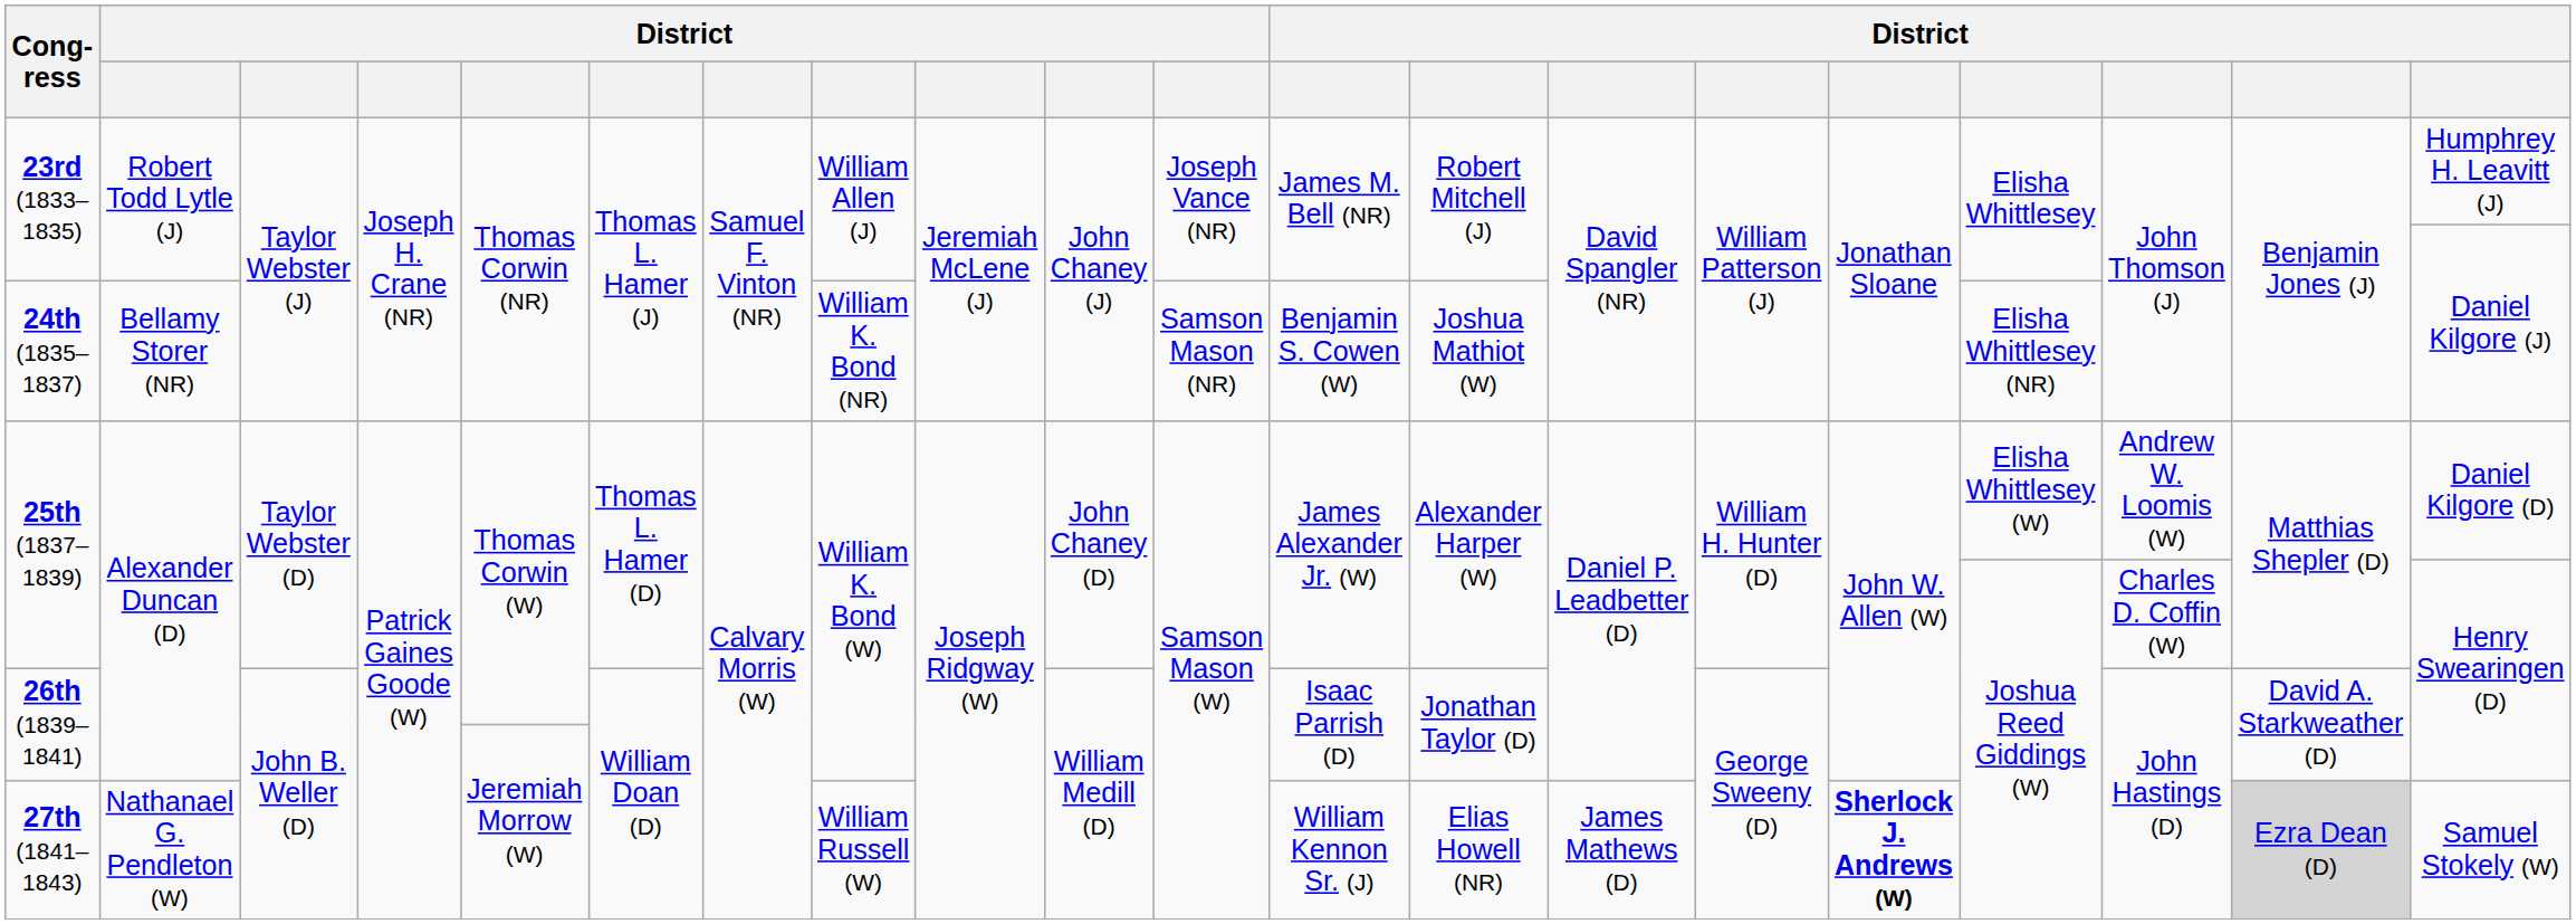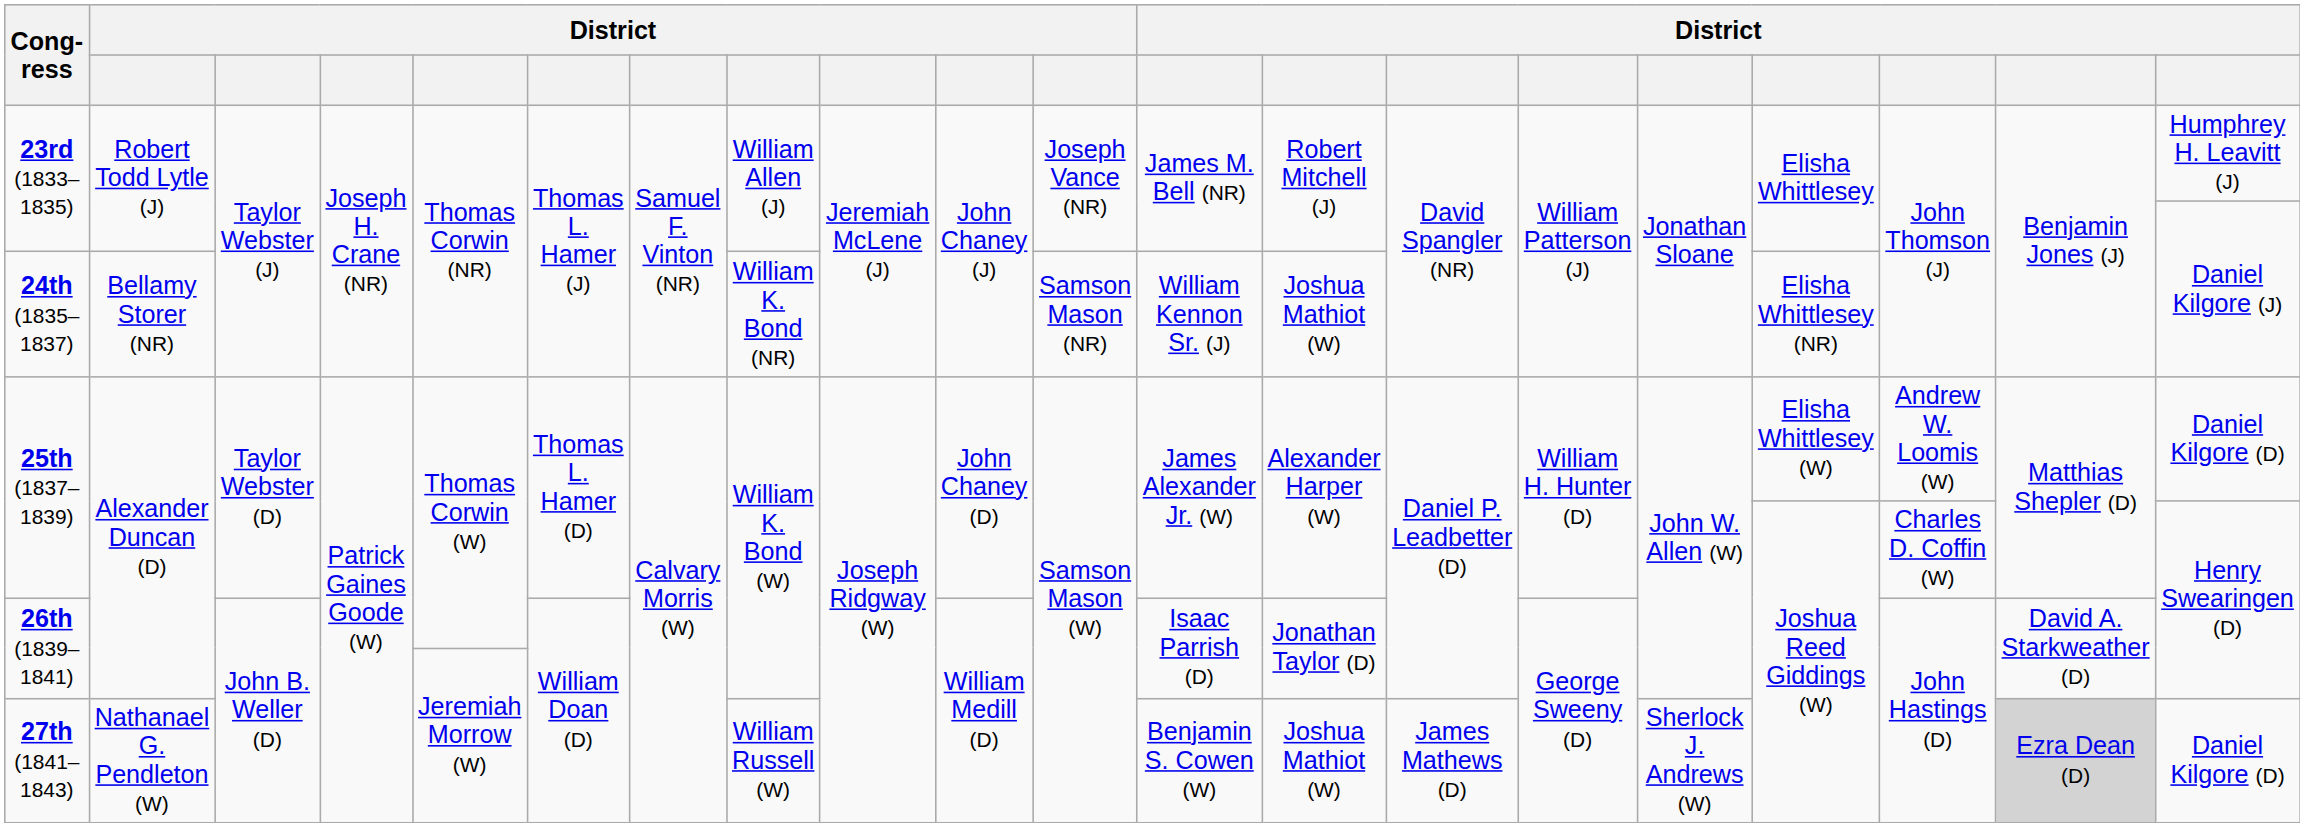 <table class=wikitable style="text-align:center">
 <tr style="height:2em">
 <th rowspan=2>Cong­ress</th>
 <th colspan=10>District</th>
 <th colspan=9>District</th>
 </tr>
 <tr style="height:2em">
 <th></th>
 <th></th>
 <th></th>
 <th></th>
 <th></th>
 <th></th>
 <th></th>
 <th></th>
 <th></th>
 <th></th>
 <th></th>
 <th></th>
 <th></th>
 <th></th>
 <th></th>
 <th></th>
 <th></th>
 <th></th>
 <th></th>
 </tr>
 <tr style="height:2em">
 <td rowspan=2><strong><a href='#'>23rd</a></strong><br><small>(1833–1835)</small></td>
 <td rowspan=2 ><a href='#'>Robert Todd Lytle</a> <small>(J)</small></td>
 <td rowspan=3 ><a href='#'>Taylor Webster</a> <small>(J)</small></td>
 <td rowspan="3" ><a href='#'>Joseph H. Crane</a> <small>(NR)</small></td>
 <td rowspan="3" ><a href='#'>Thomas Corwin</a> <small>(NR)</small></td>
 <td rowspan=3 ><a href='#'>Thomas L. Hamer</a> <small>(J)</small></td>
 <td rowspan="3" ><a href='#'>Samuel F. Vinton</a> <small>(NR)</small></td>
 <td rowspan=2 ><a href='#'>William Allen</a> <small>(J)</small></td>
 <td rowspan=3 ><a href='#'>Jeremiah McLene</a> <small>(J)</small></td>
 <td rowspan=3 ><a href='#'>John Chaney</a> <small>(J)</small></td>
 <td rowspan=2 ><a href='#'>Joseph Vance</a> <small>(NR)</small></td>
 <td rowspan=2 ><a href='#'>James M. Bell</a> <small>(NR)</small></td>
 <td rowspan=2 ><a href='#'>Robert Mitchell</a> <small>(J)</small></td>
 <td rowspan="3" ><a href='#'>David Spangler</a> <small>(NR)</small></td>
 <td rowspan=3 ><a href='#'>William Patterson</a> <small>(J)</small></td>
 <td rowspan=3 ><a href='#'>Jonathan Sloane</a> </td>
 <td rowspan=2 ><a href='#'>Elisha Whittlesey</a> </td>
 <td rowspan=3 ><a href='#'>John Thomson</a> <small>(J)</small></td>
 <td rowspan=3 ><a href='#'>Benjamin Jones</a> <small>(J)</small></td>
 <td><a href='#'>Humphrey H. Leavitt</a> <small>(J)</small></td>
 </tr>
 <tr style="height:2em">
 <td rowspan=2 ><a href='#'>Daniel Kilgore</a> <small>(J)</small></td>
 </tr>
 <tr style="height:2em">
 <td><strong><a href='#'>24th</a></strong><br><small>(1835–1837)</small></td>
 <td><a href='#'>Bellamy Storer</a> <small>(NR)</small></td>
 <td><a href='#'>William K. Bond</a> <small>(NR)</small></td>
 <td><a href='#'>Samson Mason</a> <small>(NR)</small></td>
-<td><a href='#'>Benjamin S. Cowen</a> <small>(W)</small></td>
+<td><a href='#'>William Kennon Sr.</a> <small>(J)</small></td>
 <td><a href='#'>Joshua Mathiot</a> <small>(W)</small></td>
 <td><a href='#'>Elisha Whittlesey</a> <small>(NR)</small></td>
 </tr>
 <tr style="height:2em">
 <td rowspan=2><strong><a href='#'>25th</a></strong><br><small>(1837–1839)</small></td>
 <td rowspan=4 ><a href='#'>Alexander Duncan</a> <small>(D)</small></td>
 <td rowspan=2 ><a href='#'>Taylor Webster</a> <small>(D)</small></td>
 <td rowspan=5 ><a href='#'>Patrick Gaines Goode</a> <small>(W)</small></td>
 <td rowspan=3 ><a href='#'>Thomas Corwin</a> <small>(W)</small></td>
 <td rowspan=2 ><a href='#'>Thomas L. Hamer</a> <small>(D)</small></td>
 <td rowspan=5 ><a href='#'>Calvary Morris</a> <small>(W)</small></td>
 <td rowspan=4 ><a href='#'>William K. Bond</a> <small>(W)</small></td>
 <td rowspan=5 ><a href='#'>Joseph Ridgway</a> <small>(W)</small></td>
 <td rowspan=2 ><a href='#'>John Chaney</a> <small>(D)</small></td>
 <td rowspan=5 ><a href='#'>Samson Mason</a> <small>(W)</small></td>
 <td rowspan=2 ><a href='#'>James Alexander Jr.</a> <small>(W)</small></td>
 <td rowspan=2 ><a href='#'>Alexander Harper</a> <small>(W)</small></td>
 <td rowspan=4 ><a href='#'>Daniel P. Leadbetter</a> <small>(D)</small></td>
 <td rowspan=2 ><a href='#'>William H. Hunter</a> <small>(D)</small></td>
 <td rowspan=4 ><a href='#'>John W. Allen</a> <small>(W)</small></td>
 <td><a href='#'>Elisha Whittlesey</a> <small>(W)</small></td>
 <td><a href='#'>Andrew W. Loomis</a> <small>(W)</small></td>
 <td rowspan=2 ><a href='#'>Matthias Shepler</a> <small>(D)</small></td>
 <td><a href='#'>Daniel Kilgore</a> <small>(D)</small></td>
 </tr>
 <tr style="height:2em">
 <td rowspan=4 ><a href='#'>Joshua Reed Giddings</a> <small>(W)</small></td>
 <td><a href='#'>Charles D. Coffin</a> <small>(W)</small></td>
 <td rowspan=3 ><a href='#'>Henry Swearingen</a> <small>(D)</small></td>
 </tr>
 <tr style="height:2em">
 <td rowspan=2><strong><a href='#'>26th</a></strong><br><small>(1839–1841)</small></td>
 <td rowspan=3 ><a href='#'>John B. Weller</a> <small>(D)</small></td>
 <td rowspan=3 ><a href='#'>William Doan</a> <small>(D)</small></td>
 <td rowspan=3 ><a href='#'>William Medill</a> <small>(D)</small></td>
 <td rowspan=2 ><a href='#'>Isaac Parrish</a> <small>(D)</small></td>
 <td rowspan=2 ><a href='#'>Jonathan Taylor</a> <small>(D)</small></td>
 <td rowspan=3 ><a href='#'>George Sweeny</a> <small>(D)</small></td>
 <td rowspan=3 ><a href='#'>John Hastings</a> <small>(D)</small></td>
 <td rowspan=2 ><a href='#'>David A. Starkweather</a> <small>(D)</small></td>
 </tr>
 <tr style="height:2em">
 <td rowspan=2 ><a href='#'>Jeremiah Morrow</a> <small>(W)</small></td>
 </tr>
 <tr style="height:2em">
 <td><strong><a href='#'>27th</a></strong><br><small>(1841–1843)</small></td>
 <td><a href='#'>Nathanael G. Pendleton</a> <small>(W)</small></td>
 <td><a href='#'>William Russell</a> <small>(W)</small></td>
-<td><a href='#'>William Kennon Sr.</a> <small>(J)</small></td>
-<td><a href='#'>Elias Howell</a> <small>(NR)</small></td>
+<td><a href='#'>Benjamin S. Cowen</a> <small>(W)</small></td>
+<td><a href='#'>Joshua Mathiot</a> <small>(W)</small></td>
 <td><a href='#'>James Mathews</a> <small>(D)</small></td>
-<td><strong><a href='#'>Sherlock J. Andrews</a> <small>(W)</small></strong></td>
+<td><a href='#'>Sherlock J. Andrews</a> <small>(W)</small></td>
 <td style="background: lightgrey;"><a href='#'>Ezra Dean</a> <small>(D)</small></td>
-<td><a href='#'>Samuel Stokely</a> <small>(W)</small></td>
+<td><a href='#'>Daniel Kilgore</a> <small>(D)</small></td>
 </tr>
 </table>
